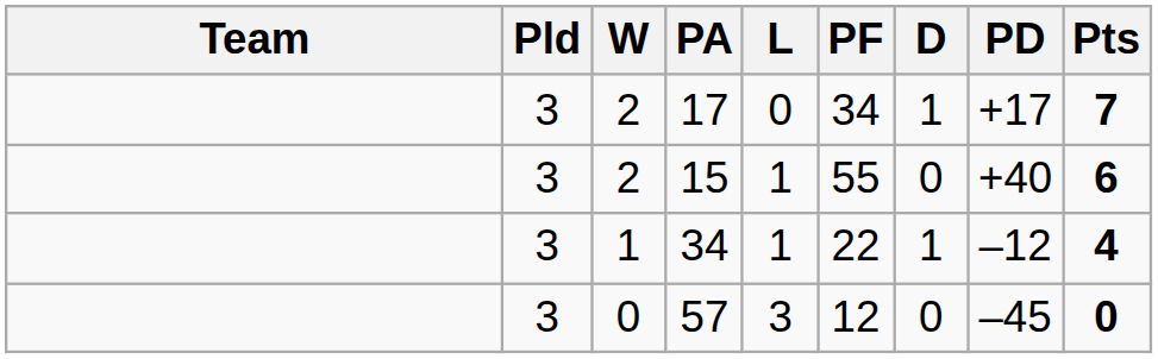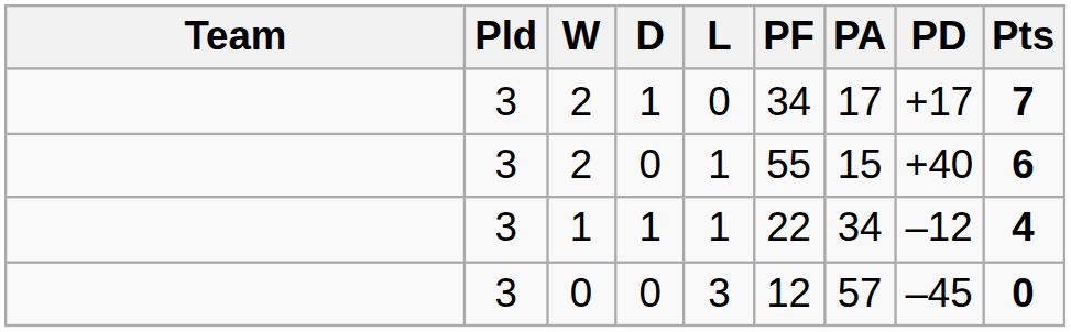 <table class="wikitable" style="text-align:center;">
 <tr>
 <th width=175>Team</th>
 <th width=20 abbr="Played">Pld</th>
 <th width=20 abbr="Won">W</th>
-<th width=20 abbr="Points against">PA</th>
+<th width=20 abbr="Drawn">D</th>
 <th width=20 abbr="Lost">L</th>
 <th width=20 abbr="Points for">PF</th>
-<th width=20 abbr="Drawn">D</th>
+<th width=20 abbr="Points against">PA</th>
 <th width=25 abbr="Points difference">PD</th>
 <th width=20 abbr="Points">Pts</th>
 </tr>
 <tr>
 <td align=left></td>
 <td>3</td>
 <td>2</td>
-<td>17</td>
+<td>1</td>
 <td>0</td>
 <td>34</td>
-<td>1</td>
+<td>17</td>
 <td>+17</td>
 <td><strong>7</strong></td>
 </tr>
 <tr>
 <td align=left></td>
 <td>3</td>
 <td>2</td>
-<td>15</td>
+<td>0</td>
 <td>1</td>
 <td>55</td>
-<td>0</td>
+<td>15</td>
 <td>+40</td>
 <td><strong>6</strong></td>
 </tr>
 <tr>
 <td align=left></td>
 <td>3</td>
 <td>1</td>
-<td>34</td>
+<td>1</td>
 <td>1</td>
 <td>22</td>
-<td>1</td>
+<td>34</td>
 <td>–12</td>
 <td><strong>4</strong></td>
 </tr>
 <tr>
 <td align=left></td>
 <td>3</td>
 <td>0</td>
-<td>57</td>
+<td>0</td>
 <td>3</td>
 <td>12</td>
-<td>0</td>
+<td>57</td>
 <td>–45</td>
 <td><strong>0</strong></td>
 </tr>
 </table>
